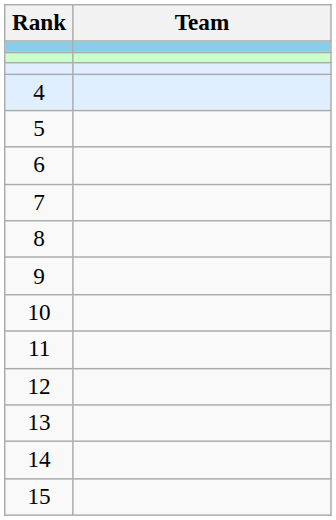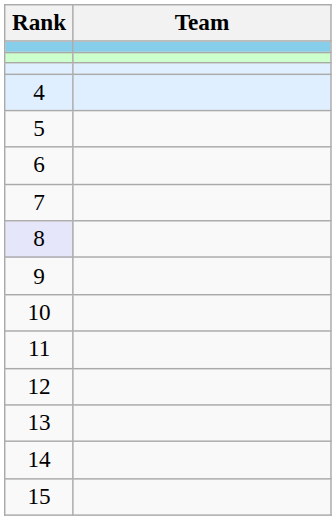 <table class="wikitable" style="text-align: center;">
 <tr>
 <th width=40>Rank</th>
 <th width=170>Team</th>
 </tr>
 <tr bgcolor=#87ceeb>
 <td></td>
 <td align="left"></td>
 </tr>
 <tr bgcolor=#ccffcc>
 <td></td>
 <td align="left"></td>
 </tr>
 <tr bgcolor=#dfefff>
 <td></td>
 <td align="left"></td>
 </tr>
 <tr bgcolor=#dfefff>
 <td>4</td>
 <td align="left"></td>
 </tr>
 <tr>
 <td>5</td>
 <td align="left"></td>
 </tr>
 <tr>
 <td>6</td>
 <td align="left"></td>
 </tr>
 <tr>
 <td>7</td>
 <td align="left"></td>
 </tr>
 <tr>
-<td>8</td>
+<td style="background: lavender;">8</td>
 <td align="left"></td>
 </tr>
 <tr>
 <td>9</td>
 <td align="left"></td>
 </tr>
 <tr>
 <td>10</td>
 <td align="left"></td>
 </tr>
 <tr>
 <td>11</td>
 <td align="left"></td>
 </tr>
 <tr>
 <td>12</td>
 <td align="left"></td>
 </tr>
 <tr>
 <td>13</td>
 <td align="left"></td>
 </tr>
 <tr>
 <td>14</td>
 <td align="left"></td>
 </tr>
 <tr>
 <td>15</td>
 <td align="left"></td>
 </tr>
 </table>
